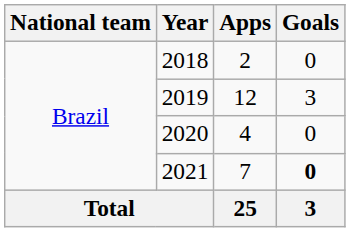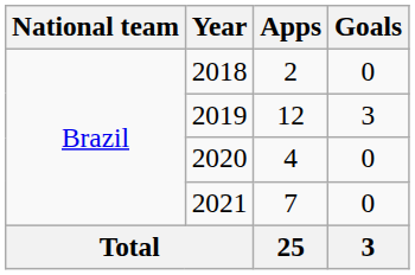 <table class="wikitable" style="text-align:center">
 <tr>
 <th>National team</th>
 <th>Year</th>
 <th>Apps</th>
 <th>Goals</th>
 </tr>
 <tr>
 <td rowspan=4><a href='#'>Brazil</a></td>
 <td>2018</td>
 <td>2</td>
 <td>0</td>
 </tr>
 <tr>
 <td>2019</td>
 <td>12</td>
 <td>3</td>
 </tr>
 <tr>
 <td>2020</td>
 <td>4</td>
 <td>0</td>
 </tr>
 <tr>
 <td>2021</td>
 <td>7</td>
-<td><strong>0</strong></td>
+<td>0</td>
 </tr>
 <tr>
 <th colspan=2>Total</th>
 <th>25</th>
 <th>3</th>
 </tr>
 </table>
